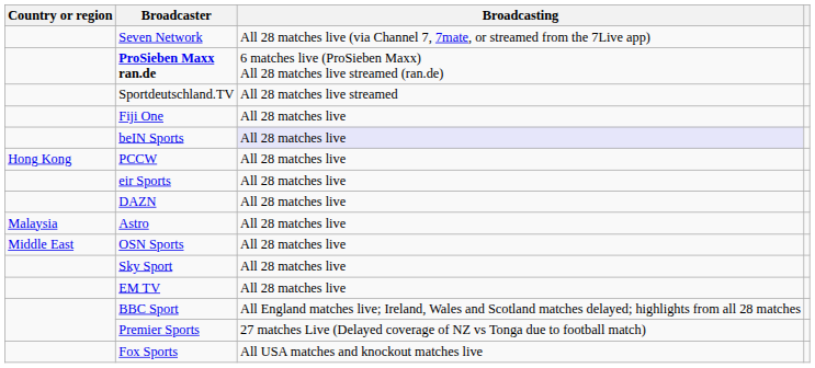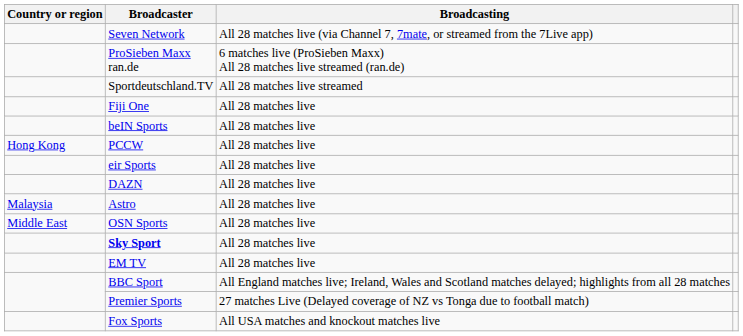 <table class="wikitable">
 <tr>
 <th>Country or region</th>
 <th>Broadcaster</th>
 <th>Broadcasting</th>
 <th></th>
 </tr>
 <tr>
 <td></td>
 <td><a href='#'>Seven Network</a></td>
 <td>All 28 matches live (via Channel 7, <a href='#'>7mate</a>, or streamed from the 7Live app)</td>
 <td></td>
 </tr>
 <tr>
 <td><br><br></td>
-<td><strong><a href='#'>ProSieben Maxx</a><br>ran.de</strong></td>
+<td><a href='#'>ProSieben Maxx</a><br>ran.de</td>
 <td>6 matches live (ProSieben Maxx)<br>All 28 matches live streamed (ran.de)</td>
 <td></td>
 </tr>
 <tr>
 <td></td>
 <td>Sportdeutschland.TV</td>
 <td>All 28 matches live streamed</td>
 <td></td>
 </tr>
 <tr>
 <td></td>
 <td><a href='#'>Fiji One</a></td>
 <td>All 28 matches live</td>
 <td></td>
 </tr>
 <tr>
 <td></td>
 <td><a href='#'>beIN Sports</a></td>
-<td style="background: lavender;">All 28 matches live</td>
+<td>All 28 matches live</td>
 <td></td>
 </tr>
 <tr>
 <td> <a href='#'>Hong Kong</a></td>
 <td><a href='#'>PCCW</a></td>
 <td>All 28 matches live</td>
 <td></td>
 </tr>
 <tr>
 <td></td>
 <td><a href='#'>eir Sports</a></td>
 <td>All 28 matches live</td>
 <td></td>
 </tr>
 <tr>
 <td></td>
 <td><a href='#'>DAZN</a></td>
 <td>All 28 matches live</td>
 <td></td>
 </tr>
 <tr>
 <td> <a href='#'>Malaysia</a></td>
 <td><a href='#'>Astro</a></td>
 <td>All 28 matches live</td>
 <td></td>
 </tr>
 <tr>
 <td><a href='#'>Middle East</a></td>
 <td><a href='#'>OSN Sports</a></td>
 <td>All 28 matches live</td>
 <td></td>
 </tr>
 <tr>
 <td></td>
-<td><a href='#'>Sky Sport</a></td>
+<td><strong><a href='#'>Sky Sport</a></strong></td>
 <td>All 28 matches live</td>
 <td></td>
 </tr>
 <tr>
 <td></td>
 <td><a href='#'>EM TV</a></td>
 <td>All 28 matches live</td>
 <td></td>
 </tr>
 <tr>
 <td rowspan=2></td>
 <td><a href='#'>BBC Sport</a></td>
 <td>All England matches live; Ireland, Wales and Scotland matches delayed; highlights from all 28 matches</td>
 <td></td>
 </tr>
 <tr>
 <td><a href='#'>Premier Sports</a></td>
 <td>27 matches Live (Delayed coverage of NZ vs Tonga due to football match)</td>
 <td></td>
 </tr>
 <tr>
 <td></td>
 <td><a href='#'>Fox Sports</a></td>
 <td>All USA matches and knockout matches live</td>
 <td></td>
 </tr>
 </table>
